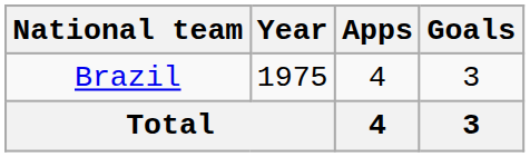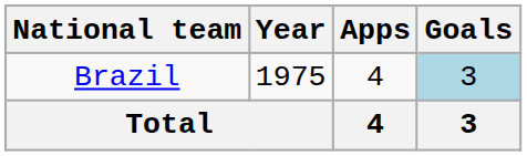 <table class="wikitable" style="text-align:center">
 <tr>
 <th>National team</th>
 <th>Year</th>
 <th>Apps</th>
 <th>Goals</th>
 </tr>
 <tr>
 <td rowspan="1"><a href='#'>Brazil</a></td>
 <td>1975</td>
 <td>4</td>
-<td>3</td>
+<td style="background: lightblue;">3</td>
 </tr>
 <tr>
 <th colspan=2>Total</th>
 <th>4</th>
 <th>3</th>
 </tr>
 </table>
